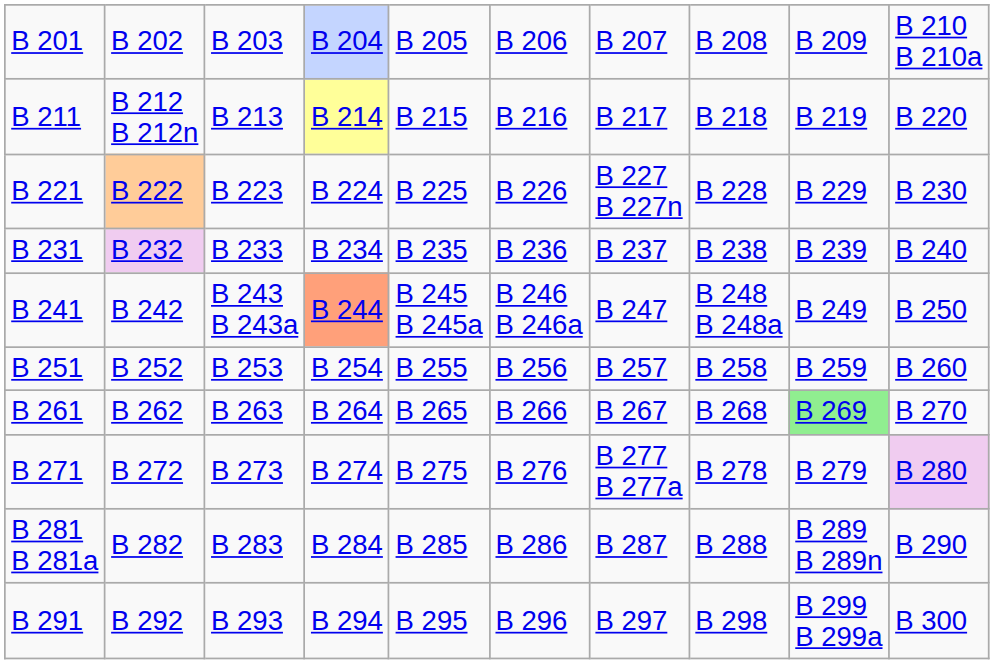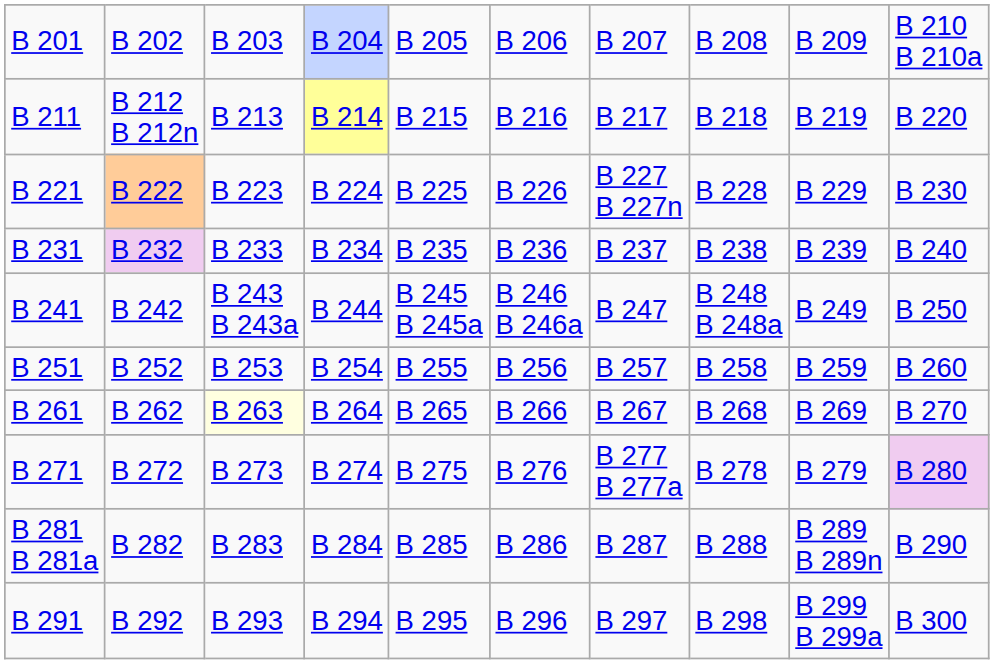 <table class="wikitable">
 <tr>
 <td><a href='#'>B 201</a></td>
 <td><a href='#'>B 202</a></td>
 <td><a href='#'>B 203</a></td>
 <td style="background: #C4D5FF;"><a href='#'>B 204</a></td>
 <td><a href='#'>B 205</a></td>
 <td><a href='#'>B 206</a></td>
 <td><a href='#'>B 207</a></td>
 <td><a href='#'>B 208</a></td>
 <td><a href='#'>B 209</a></td>
 <td><a href='#'>B 210</a><br><span><a href='#'>B 210a</a></span></td>
 </tr>
 <tr>
 <td><a href='#'>B 211</a></td>
 <td><a href='#'>B 212</a><br><span><a href='#'>B 212n</a></span></td>
 <td><a href='#'>B 213</a></td>
 <td style="background: #ffff99;"><a href='#'>B 214</a></td>
 <td><a href='#'>B 215</a></td>
 <td><a href='#'>B 216</a></td>
 <td><a href='#'>B 217</a></td>
 <td><a href='#'>B 218</a></td>
 <td><a href='#'>B 219</a></td>
 <td><a href='#'>B 220</a></td>
 </tr>
 <tr>
 <td><a href='#'>B 221</a></td>
 <td style="background: #FFCC99;"><a href='#'>B 222</a></td>
 <td><a href='#'>B 223</a></td>
 <td><a href='#'>B 224</a></td>
 <td><a href='#'>B 225</a></td>
 <td><a href='#'>B 226</a></td>
 <td><a href='#'>B 227</a><br><span><a href='#'>B 227n</a></span></td>
 <td><a href='#'>B 228</a></td>
 <td><a href='#'>B 229</a></td>
 <td><a href='#'>B 230</a></td>
 </tr>
 <tr>
 <td><a href='#'>B 231</a></td>
 <td style="background: #F0CCF0;"><a href='#'>B 232</a></td>
 <td><a href='#'>B 233</a></td>
 <td><a href='#'>B 234</a></td>
 <td><a href='#'>B 235</a></td>
 <td><a href='#'>B 236</a></td>
 <td><a href='#'>B 237</a></td>
 <td><a href='#'>B 238</a></td>
 <td><a href='#'>B 239</a></td>
 <td><a href='#'>B 240</a></td>
 </tr>
 <tr>
 <td><a href='#'>B 241</a></td>
 <td><a href='#'>B 242</a></td>
 <td><a href='#'>B 243</a><br><a href='#'>B 243a</a></td>
-<td style="background: lightsalmon;"><a href='#'>B 244</a></td>
+<td><a href='#'>B 244</a></td>
 <td><a href='#'>B 245</a><br><a href='#'>B 245a</a></td>
 <td><a href='#'>B 246</a><br><a href='#'>B 246a</a></td>
 <td><a href='#'>B 247</a></td>
 <td><a href='#'>B 248</a><br><a href='#'>B 248a</a></td>
 <td><a href='#'>B 249</a></td>
 <td><a href='#'>B 250</a></td>
 </tr>
 <tr>
 <td><a href='#'>B 251</a></td>
 <td><a href='#'>B 252</a></td>
 <td><a href='#'>B 253</a></td>
 <td><a href='#'>B 254</a></td>
 <td><a href='#'>B 255</a></td>
 <td><a href='#'>B 256</a></td>
 <td><a href='#'>B 257</a></td>
 <td><a href='#'>B 258</a></td>
 <td><a href='#'>B 259</a></td>
 <td><a href='#'>B 260</a></td>
 </tr>
 <tr>
 <td><a href='#'>B 261</a></td>
 <td><a href='#'>B 262</a></td>
-<td><a href='#'>B 263</a></td>
+<td style="background: lightyellow;"><a href='#'>B 263</a></td>
 <td><a href='#'>B 264</a></td>
 <td><a href='#'>B 265</a></td>
 <td><a href='#'>B 266</a></td>
 <td><a href='#'>B 267</a></td>
 <td><a href='#'>B 268</a></td>
-<td style="background: lightgreen;"><a href='#'>B 269</a></td>
+<td><a href='#'>B 269</a></td>
 <td><a href='#'>B 270</a></td>
 </tr>
 <tr>
 <td><a href='#'>B 271</a></td>
 <td><a href='#'>B 272</a></td>
 <td><a href='#'>B 273</a></td>
 <td><a href='#'>B 274</a></td>
 <td><a href='#'>B 275</a></td>
 <td><a href='#'>B 276</a></td>
 <td><a href='#'>B 277</a><br><span><a href='#'>B 277a</a></span></td>
 <td><a href='#'>B 278</a></td>
 <td><a href='#'>B 279</a></td>
 <td style="background: #F0CCF0;"><a href='#'>B 280</a></td>
 </tr>
 <tr>
 <td><a href='#'>B 281</a><br><span><a href='#'>B 281a</a></span></td>
 <td><a href='#'>B 282</a></td>
 <td><a href='#'>B 283</a></td>
 <td><a href='#'>B 284</a></td>
 <td><a href='#'>B 285</a></td>
 <td><a href='#'>B 286</a></td>
 <td><a href='#'>B 287</a></td>
 <td><a href='#'>B 288</a></td>
 <td><a href='#'>B 289</a><br><a href='#'>B 289n</a></td>
 <td><a href='#'>B 290</a></td>
 </tr>
 <tr>
 <td><a href='#'>B 291</a></td>
 <td><a href='#'>B 292</a></td>
 <td><a href='#'>B 293</a></td>
 <td><a href='#'>B 294</a></td>
 <td><a href='#'>B 295</a></td>
 <td><a href='#'>B 296</a></td>
 <td><a href='#'>B 297</a></td>
 <td><a href='#'>B 298</a></td>
 <td><a href='#'>B 299</a><br><a href='#'>B 299a</a></td>
 <td><a href='#'>B 300</a></td>
 </tr>
 </table>
